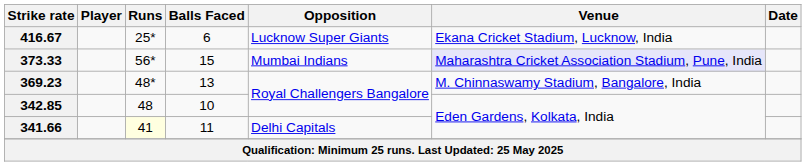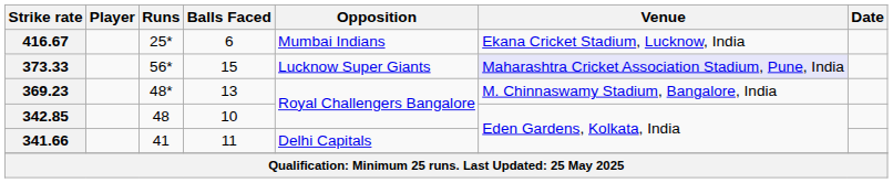 <table class="wikitable" style="text-align:left;font-size:96%;">
 <tr>
 <th>Strike rate</th>
 <th>Player</th>
 <th>Runs</th>
 <th>Balls Faced</th>
 <th>Opposition</th>
 <th>Venue</th>
 <th>Date</th>
 </tr>
 <tr>
 <th scope=row style=text-align:center;>416.67</th>
 <td></td>
 <td align=center>25*</td>
 <td align=center>6</td>
-<td><a href='#'>Lucknow Super Giants</a></td>
+<td><a href='#'>Mumbai Indians</a></td>
 <td><a href='#'>Ekana Cricket Stadium</a>, <a href='#'>Lucknow</a>, India</td>
 <td><br></td>
 </tr>
 <tr>
 <th scope=row style=text-align:center;>373.33</th>
 <td></td>
 <td align=center>56*</td>
 <td align=center>15</td>
-<td><a href='#'>Mumbai Indians</a></td>
+<td><a href='#'>Lucknow Super Giants</a></td>
 <td style="background: lavender;"><a href='#'>Maharashtra Cricket Association Stadium</a>, <a href='#'>Pune</a>, India</td>
 <td></td>
 </tr>
 <tr>
 <th scope=row style=text-align:center;>369.23</th>
 <td></td>
 <td align=center>48*</td>
 <td align=center>13</td>
 <td rowspan=2><a href='#'>Royal Challengers Bangalore</a></td>
 <td><a href='#'>M. Chinnaswamy Stadium</a>, <a href='#'>Bangalore</a>, India</td>
 <td></td>
 </tr>
 <tr>
 <th scope=row style=text-align:center;>342.85</th>
 <td></td>
 <td align=center>48</td>
 <td align=center>10</td>
 <td rowspan=2><a href='#'>Eden Gardens</a>, <a href='#'>Kolkata</a>, India</td>
 <td></td>
 </tr>
 <tr>
 <th scope=row style=text-align:center;>341.66</th>
 <td></td>
-<td align=center style="background: lightyellow;">41</td>
+<td align=center>41</td>
 <td align=center>11</td>
 <td><a href='#'>Delhi Capitals</a></td>
 <td></td>
 </tr>
 <tr }>
 </tr>
 <tr class=sortbottom>
 <th colspan=8><small>Qualification: Minimum 25 runs. Last Updated: 25 May 2025</small></th>
 </tr>
 </table>
